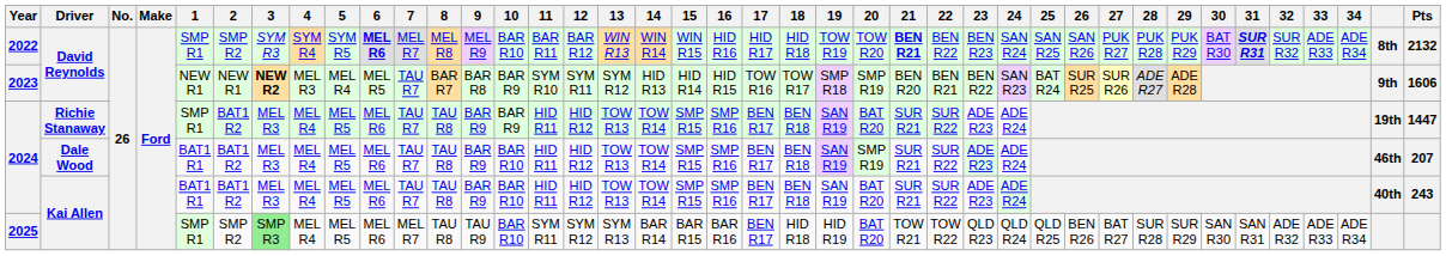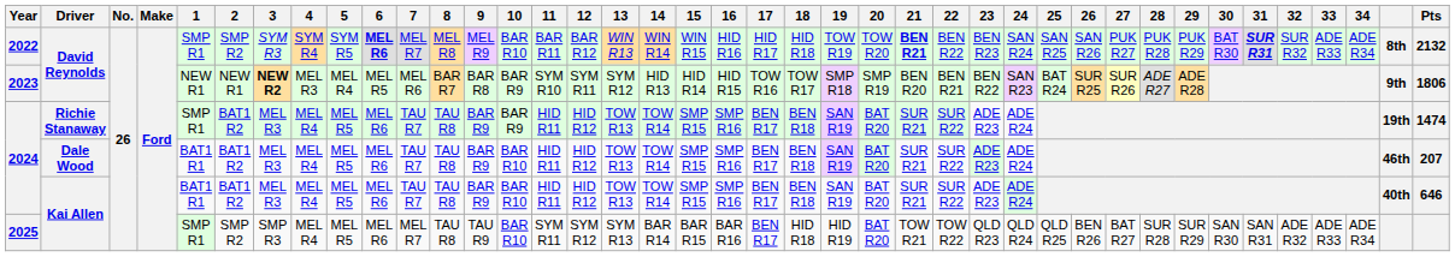 <table class="wikitable mw-collapsible mw-collapsed" style="text-align:center; font-size:75%">
 <tr>
 <th>Year</th>
 <th>Driver</th>
 <th>No.</th>
 <th>Make</th>
 <th>1</th>
 <th>2</th>
 <th>3</th>
 <th>4</th>
 <th>5</th>
 <th>6</th>
 <th>7</th>
 <th>8</th>
 <th>9</th>
 <th>10</th>
 <th>11</th>
 <th>12</th>
 <th>13</th>
 <th>14</th>
 <th>15</th>
 <th>16</th>
 <th>17</th>
 <th>18</th>
 <th>19</th>
 <th>20</th>
 <th>21</th>
 <th>22</th>
 <th>23</th>
 <th>24</th>
 <th>25</th>
 <th>26</th>
 <th>27</th>
 <th>28</th>
 <th>29</th>
 <th>30</th>
 <th>31</th>
 <th>32</th>
 <th>33</th>
 <th>34</th>
 <th></th>
 <th>Pts</th>
 </tr>
 <tr>
 <th><a href='#'>2022</a></th>
 <th rowspan=2><a href='#'>David Reynolds</a></th>
 <th rowspan=6>26</th>
 <th rowspan=6><a href='#'>Ford</a></th>
 <td style="background: #dfffdf"><a href='#'>SMP<br>R1</a><br></td>
 <td style="background: #dfffdf"><a href='#'>SMP<br>R2</a><br></td>
 <td style="background: #dfffdf"><em><a href='#'>SYM<br>R3</a><br></em></td>
 <td style="background: #ffdf9f"><a href='#'>SYM<br>R4</a><br></td>
 <td style="background: #dfffdf"><a href='#'>SYM<br>R5</a><br></td>
 <td style="background: #dfdfdf"><strong><a href='#'>MEL<br>R6</a><br></strong></td>
 <td style="background: #dfdfdf"><a href='#'>MEL<br>R7</a><br></td>
 <td style="background: #ffdf9f"><a href='#'>MEL<br>R8</a><br></td>
 <td style="background: #efcfff"><a href='#'>MEL<br>R9</a><br></td>
 <td style="background: #dfffdf"><a href='#'>BAR<br>R10</a><br></td>
 <td style="background: #dfffdf"><a href='#'>BAR<br>R11</a><br></td>
 <td style="background: #dfffdf"><a href='#'>BAR<br>R12</a><br></td>
 <td style="background: #ffdf9f"><em><a href='#'>WIN<br>R13</a><br></em></td>
 <td style="background: #ffdf9f"><a href='#'>WIN<br>R14</a><br></td>
 <td style="background: #dfffdf"><a href='#'>WIN<br>R15</a><br></td>
 <td style="background: #dfffdf"><a href='#'>HID<br>R16</a><br></td>
 <td style="background: #dfffdf"><a href='#'>HID<br>R17</a><br></td>
 <td style="background: #dfffdf"><a href='#'>HID<br>R18</a><br></td>
 <td style="background: #dfffdf"><a href='#'>TOW<br>R19</a><br></td>
 <td style="background: #dfffdf"><a href='#'>TOW<br>R20</a><br></td>
 <td style="background: #dfffdf"><strong><a href='#'>BEN<br>R21</a><br></strong></td>
 <td style="background: #dfffdf"><a href='#'>BEN<br>R22</a><br></td>
 <td style="background: #dfffdf"><a href='#'>BEN<br>R23</a><br></td>
 <td style="background: #dfffdf"><a href='#'>SAN<br>R24</a><br></td>
 <td style="background: #dfffdf"><a href='#'>SAN<br>R25</a><br></td>
 <td style="background: #dfffdf"><a href='#'>SAN<br>R26</a><br></td>
 <td style="background: #dfffdf"><a href='#'>PUK<br>R27</a><br></td>
 <td style="background: #dfffdf"><a href='#'>PUK<br>R28</a><br></td>
 <td style="background: #dfffdf"><a href='#'>PUK<br>R29</a><br></td>
 <td style="background: #efcfff"><a href='#'>BAT<br>R30</a><br></td>
 <td style="background: #dfdfdf"><strong><em><a href='#'>SUR<br>R31</a><br></em></strong></td>
 <td style="background: #dfffdf"><a href='#'>SUR<br>R32</a><br></td>
 <td style="background: #dfffdf"><a href='#'>ADE<br>R33</a><br></td>
 <td style="background: #dfffdf"><a href='#'>ADE<br>R34</a><br></td>
 <th>8th</th>
 <th>2132</th>
 </tr>
 <tr>
 <th><a href='#'>2023</a></th>
 <td style="background:#dfffdf">NEW<br>R1<br></td>
 <td style="background:#dfffdf">NEW<br>R1<br></td>
 <td style="background:#ffdf9f"><strong>NEW<br>R2<br></strong></td>
 <td style="background:#dfffdf">MEL<br>R3<br></td>
 <td style="background:#dfffdf">MEL<br>R4<br></td>
 <td style="background:#dfffdf">MEL<br>R5<br></td>
-<td style=background:#dfffdf><a href='#'>TAU<br>R7</a><br></td>
+<td style="background:#dfffdf">MEL<br>R6<br></td>
 <td style="background:#ffdf9f">BAR<br>R7<br></td>
 <td style="background:#dfffdf">BAR<br>R8<br></td>
 <td style="background:#dfffdf">BAR<br>R9<br></td>
 <td style="background:#dfffdf">SYM<br>R10<br></td>
 <td style="background:#dfffdf">SYM<br>R11<br></td>
 <td style="background:#dfffdf">SYM<br>R12<br></td>
 <td style="background:#dfffdf">HID<br>R13<br></td>
 <td style="background:#dfffdf">HID<br>R14<br></td>
 <td style="background:#dfffdf">HID<br>R15<br></td>
 <td style="background:#dfffdf">TOW<br>R16<br></td>
 <td style="background:#dfffdf">TOW<br>R17<br></td>
 <td style="background:#efcfff">SMP<br>R18<br></td>
 <td style="background:#dfffdf">SMP<br>R19<br></td>
 <td style="background:#dfffdf">BEN<br>R20<br></td>
 <td style="background:#dfffdf">BEN<br>R21<br></td>
 <td style="background:#dfffdf">BEN<br>R22<br></td>
 <td style="background:#efcfff">SAN<br>R23<br></td>
 <td style="background:#dfffdf">BAT<br>R24<br></td>
 <td style="background:#ffdf9f">SUR<br>R25<br></td>
 <td style="background:#ffffbf">SUR<br>R26<br></td>
 <td style="background:#dfdfdf"><em>ADE<br>R27<br></em></td>
 <td style="background:#ffdf9f">ADE<br>R28<br></td>
 <th colspan=5></th>
 <th>9th</th>
-<th>1606</th>
+<th>1806</th>
 </tr>
 <tr>
 <th rowspan=3><a href='#'>2024</a></th>
 <th><a href='#'>Richie Stanaway</a></th>
 <td style=background:#dfffdf>SMP<br>R1<br></td>
 <td style=background:#dfffdf><a href='#'>BAT1<br>R2</a><br></td>
 <td style=background:#dfffdf><a href='#'>MEL<br>R3</a><br></td>
 <td style=background:#dfffdf><a href='#'>MEL<br>R4</a><br></td>
 <td style=background:#dfffdf><a href='#'>MEL<br>R5</a><br></td>
 <td style=background:#dfffdf><a href='#'>MEL<br>R6</a><br></td>
 <td style=background:#dfffdf><a href='#'>TAU<br>R7</a><br></td>
 <td style=background:#dfffdf><a href='#'>TAU<br>R8</a><br></td>
 <td style=background:#dfffdf><a href='#'>BAR<br>R9</a><br></td>
 <td style="background:#dfffdf">BAR<br>R9<br></td>
 <td style=background:#dfffdf><a href='#'>HID<br>R11</a><br></td>
 <td style=background:#dfffdf><a href='#'>HID<br>R12</a><br></td>
 <td style=background:#dfffdf><a href='#'>TOW<br>R13</a><br></td>
 <td style=background:#dfffdf><a href='#'>TOW<br>R14</a><br></td>
 <td style=background:#dfffdf><a href='#'>SMP<br>R15</a> <br></td>
 <td style=background:#dfffdf><a href='#'>SMP<br>R16</a> <br></td>
 <td style=background:#dfffdf><a href='#'>BEN<br>R17</a><br></td>
 <td style=background:#dfffdf><a href='#'>BEN<br>R18</a><br></td>
 <td style="background: #efcfff"><a href='#'>SAN<br>R19</a><br></td>
 <td style=background:#dfffdf><a href='#'>BAT<br>R20</a><br></td>
 <td style=background:#dfffdf><a href='#'>SUR<br>R21</a><br></td>
 <td style=background:#dfffdf><a href='#'>SUR<br>R22</a><br></td>
 <td><a href='#'>ADE<br>R23</a></td>
 <td><a href='#'>ADE<br>R24</a></td>
 <th colspan=10></th>
 <th>19th</th>
-<th>1447</th>
+<th>1474</th>
 </tr>
 <tr>
 <th><a href='#'>Dale Wood</a></th>
 <td><a href='#'>BAT1<br>R1</a></td>
 <td><a href='#'>BAT1<br>R2</a></td>
 <td><a href='#'>MEL<br>R3</a></td>
 <td><a href='#'>MEL<br>R4</a></td>
 <td><a href='#'>MEL<br>R5</a></td>
 <td><a href='#'>MEL<br>R6</a></td>
 <td><a href='#'>TAU<br>R7</a></td>
 <td><a href='#'>TAU<br>R8</a></td>
 <td><a href='#'>BAR<br>R9</a></td>
 <td><a href='#'>BAR<br>R10</a></td>
 <td><a href='#'>HID<br>R11</a></td>
 <td><a href='#'>HID<br>R12</a></td>
 <td><a href='#'>TOW<br>R13</a></td>
 <td><a href='#'>TOW<br>R14</a></td>
 <td><a href='#'>SMP<br>R15</a></td>
 <td><a href='#'>SMP<br>R16</a></td>
 <td><a href='#'>BEN<br>R17</a></td>
 <td><a href='#'>BEN<br>R18</a></td>
 <td style="background: #efcfff"><a href='#'>SAN<br>R19</a><br></td>
-<td style="background:#dfffdf">SMP<br>R19<br></td>
+<td style=background:#dfffdf><a href='#'>BAT<br>R20</a><br></td>
 <td><a href='#'>SUR<br>R21</a></td>
 <td><a href='#'>SUR<br>R22</a></td>
 <td style=background:#dfffdf><a href='#'>ADE<br>R23</a><br></td>
 <td><a href='#'>ADE<br>R24</a></td>
 <th colspan=10></th>
 <th>46th</th>
 <th>207</th>
 </tr>
 <tr>
 <th rowspan=2><a href='#'>Kai Allen</a></th>
 <td><a href='#'>BAT1<br>R1</a></td>
 <td><a href='#'>BAT1<br>R2</a></td>
 <td><a href='#'>MEL<br>R3</a></td>
 <td><a href='#'>MEL<br>R4</a></td>
 <td><a href='#'>MEL<br>R5</a></td>
 <td><a href='#'>MEL<br>R6</a></td>
 <td><a href='#'>TAU<br>R7</a></td>
 <td><a href='#'>TAU<br>R8</a></td>
 <td><a href='#'>BAR<br>R9</a></td>
 <td><a href='#'>BAR<br>R10</a></td>
 <td><a href='#'>HID<br>R11</a></td>
 <td><a href='#'>HID<br>R12</a></td>
 <td><a href='#'>TOW<br>R13</a></td>
 <td><a href='#'>TOW<br>R14</a></td>
 <td><a href='#'>SMP<br>R15</a></td>
 <td><a href='#'>SMP<br>R16</a></td>
 <td><a href='#'>BEN<br>R17</a></td>
 <td><a href='#'>BEN<br>R18</a></td>
 <td><a href='#'>SAN<br>R19</a></td>
 <td><a href='#'>BAT<br>R20</a></td>
 <td><a href='#'>SUR<br>R21</a></td>
 <td><a href='#'>SUR<br>R22</a></td>
 <td><a href='#'>ADE<br>R23</a></td>
 <td style=background:#dfffdf><a href='#'>ADE<br>R24</a><br></td>
 <th colspan=10></th>
 <th>40th</th>
-<th>243</th>
+<th>646</th>
 </tr>
 <tr>
 <th><a href='#'>2025</a></th>
 <td style=background:#dfffdf>SMP<br>R1<br></td>
 <td>SMP<br>R2<br></td>
-<td style="background: lightgreen;">SMP<br>R3<br></td>
+<td>SMP<br>R3<br></td>
 <td>MEL<br>R4<br></td>
 <td>MEL<br>R5<br></td>
 <td>MEL<br>R6<br></td>
 <td>MEL<br>R7<br></td>
 <td>TAU<br>R8<br></td>
 <td>TAU<br>R9<br></td>
 <td><a href='#'>BAR<br>R10</a></td>
 <td>SYM<br>R11<br></td>
 <td>SYM<br>R12<br></td>
 <td>SYM<br>R13<br></td>
 <td>BAR<br>R14<br></td>
 <td>BAR<br>R15<br></td>
 <td>BAR<br>R16<br></td>
 <td><a href='#'>BEN<br>R17</a></td>
 <td>HID<br>R18<br></td>
 <td>HID<br>R19<br></td>
 <td><a href='#'>BAT<br>R20</a></td>
 <td>TOW<br>R21<br></td>
 <td>TOW<br>R22<br></td>
 <td>QLD<br>R23<br></td>
 <td>QLD<br>R24<br></td>
 <td>QLD<br>R25<br></td>
 <td>BEN<br>R26<br></td>
 <td>BAT<br>R27<br></td>
 <td>SUR<br>R28<br></td>
 <td>SUR<br>R29<br></td>
 <td>SAN<br>R30<br></td>
 <td>SAN<br>R31<br></td>
 <td>ADE<br>R32<br></td>
 <td>ADE<br>R33<br></td>
 <td>ADE<br>R34<br></td>
 <th></th>
 <th></th>
 </tr>
 </table>
